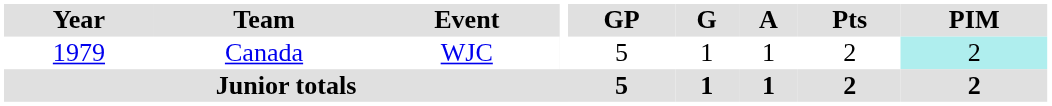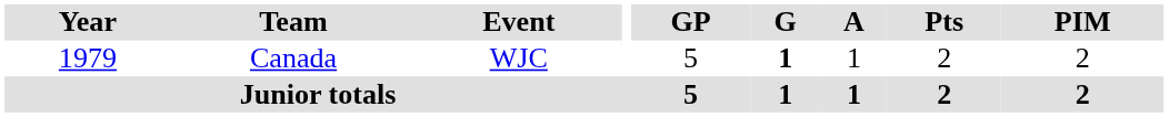 <table border="0" cellpadding="1" cellspacing="0" ID="Table3" style="text-align:center; width:40em">
 <tr bgcolor="#e0e0e0">
 <th>Year</th>
 <th>Team</th>
 <th>Event</th>
 <th rowspan="102" bgcolor="#ffffff"></th>
 <th>GP</th>
 <th>G</th>
 <th>A</th>
 <th>Pts</th>
 <th>PIM</th>
 </tr>
 <tr>
 <td><a href='#'>1979</a></td>
 <td><a href='#'>Canada</a></td>
 <td><a href='#'>WJC</a></td>
 <td>5</td>
-<td>1</td>
+<td><strong>1</strong></td>
 <td>1</td>
 <td>2</td>
-<td style="background: paleturquoise;">2</td>
+<td>2</td>
 </tr>
 <tr bgcolor="#e0e0e0">
 <th colspan="4">Junior totals</th>
 <th>5</th>
 <th>1</th>
 <th>1</th>
 <th>2</th>
 <th>2</th>
 </tr>
 </table>
